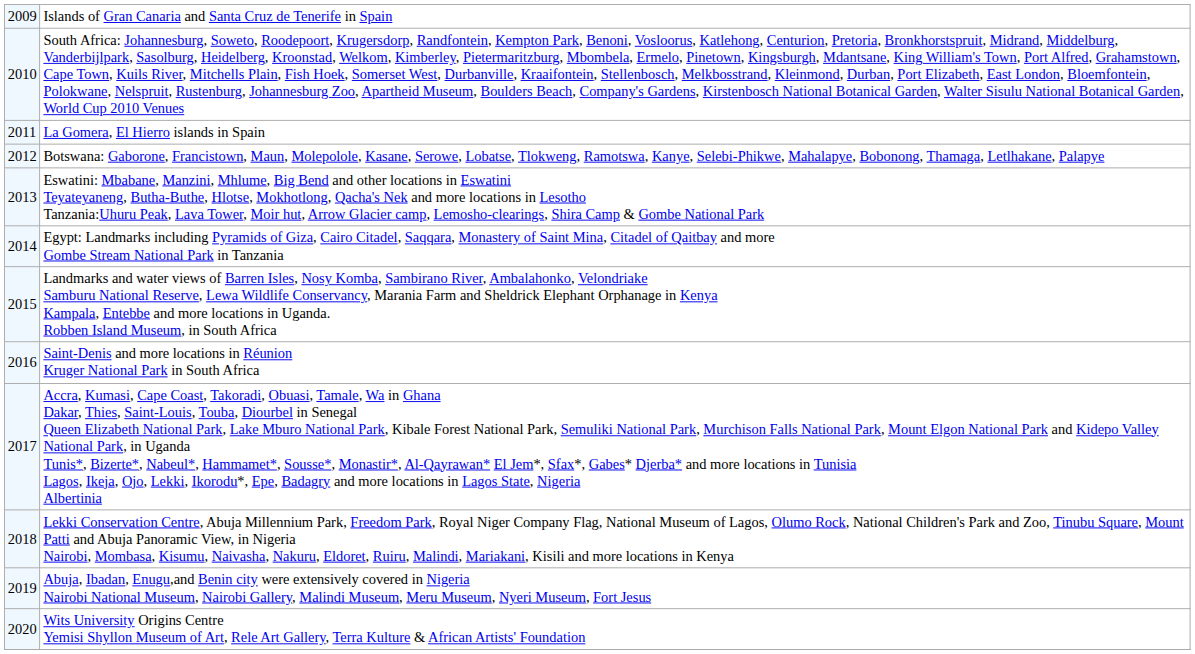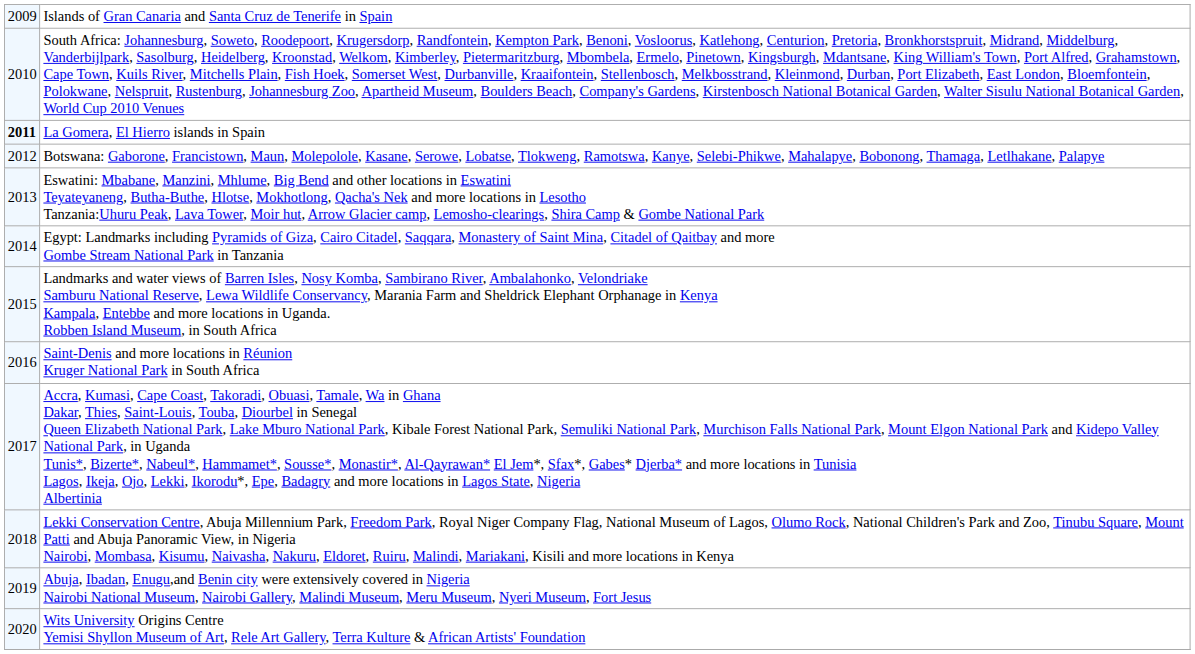 <table class="wikitable" style="font-size:95%">
 <tr>
 <td style="background:#f0f8ff;">2009</td>
 <td style="background:#fff;"> Islands of <a href='#'>Gran Canaria</a> and <a href='#'>Santa Cruz de Tenerife</a> in <a href='#'>Spain</a></td>
 </tr>
 <tr>
 <td style="background:#f0f8ff;">2010</td>
 <td style="background:#fff;"> South Africa: <a href='#'>Johannesburg</a>, <a href='#'>Soweto</a>, <a href='#'>Roodepoort</a>, <a href='#'>Krugersdorp</a>, <a href='#'>Randfontein</a>, <a href='#'>Kempton Park</a>, <a href='#'>Benoni</a>, <a href='#'>Vosloorus</a>, <a href='#'>Katlehong</a>, <a href='#'>Centurion</a>, <a href='#'>Pretoria</a>, <a href='#'>Bronkhorstspruit</a>, <a href='#'>Midrand</a>, <a href='#'>Middelburg</a>, <a href='#'>Vanderbijlpark</a>, <a href='#'>Sasolburg</a>, <a href='#'>Heidelberg</a>, <a href='#'>Kroonstad</a>, <a href='#'>Welkom</a>, <a href='#'>Kimberley</a>, <a href='#'>Pietermaritzburg</a>, <a href='#'>Mbombela</a>, <a href='#'>Ermelo</a>, <a href='#'>Pinetown</a>, <a href='#'>Kingsburgh</a>, <a href='#'>Mdantsane</a>, <a href='#'>King William's Town</a>, <a href='#'>Port Alfred</a>, <a href='#'>Grahamstown</a>, <a href='#'>Cape Town</a>, <a href='#'>Kuils River</a>, <a href='#'>Mitchells Plain</a>, <a href='#'>Fish Hoek</a>, <a href='#'>Somerset West</a>, <a href='#'>Durbanville</a>, <a href='#'>Kraaifontein</a>, <a href='#'>Stellenbosch</a>, <a href='#'>Melkbosstrand</a>, <a href='#'>Kleinmond</a>, <a href='#'>Durban</a>, <a href='#'>Port Elizabeth</a>, <a href='#'>East London</a>, <a href='#'>Bloemfontein</a>, <a href='#'>Polokwane</a>, <a href='#'>Nelspruit</a>, <a href='#'>Rustenburg</a>, <a href='#'>Johannesburg Zoo</a>, <a href='#'>Apartheid Museum</a>, <a href='#'>Boulders Beach</a>, <a href='#'>Company's Gardens</a>, <a href='#'>Kirstenbosch National Botanical Garden</a>, <a href='#'>Walter Sisulu National Botanical Garden</a>, <a href='#'>World Cup 2010 Venues</a></td>
 </tr>
 <tr>
-<td style="background:#f0f8ff;">2011</td>
+<td style="background:#f0f8ff;"><strong>2011</strong></td>
 <td style="background:#fff;"> <a href='#'>La Gomera</a>, <a href='#'>El Hierro</a> islands in Spain</td>
 </tr>
 <tr>
 <td style="background:#f0f8ff;">2012</td>
 <td style="background:#fff;"> Botswana: <a href='#'>Gaborone</a>, <a href='#'>Francistown</a>, <a href='#'>Maun</a>, <a href='#'>Molepolole</a>, <a href='#'>Kasane</a>, <a href='#'>Serowe</a>, <a href='#'>Lobatse</a>, <a href='#'>Tlokweng</a>, <a href='#'>Ramotswa</a>, <a href='#'>Kanye</a>, <a href='#'>Selebi-Phikwe</a>, <a href='#'>Mahalapye</a>, <a href='#'>Bobonong</a>, <a href='#'>Thamaga</a>, <a href='#'>Letlhakane</a>, <a href='#'>Palapye</a></td>
 </tr>
 <tr>
 <td style="background:#f0f8ff;">2013</td>
 <td style="background:#fff;"> Eswatini: <a href='#'>Mbabane</a>, <a href='#'>Manzini</a>, <a href='#'>Mhlume</a>, <a href='#'>Big Bend</a> and other locations in <a href='#'>Eswatini</a><br> <a href='#'>Teyateyaneng</a>, <a href='#'>Butha-Buthe</a>, <a href='#'>Hlotse</a>, <a href='#'>Mokhotlong</a>, <a href='#'>Qacha's Nek</a> and more locations in <a href='#'>Lesotho</a><br> Tanzania:<a href='#'>Uhuru Peak</a>, <a href='#'>Lava Tower</a>, <a href='#'>Moir hut</a>, <a href='#'>Arrow Glacier camp</a>, <a href='#'>Lemosho-clearings</a>, <a href='#'>Shira Camp</a> & <a href='#'>Gombe National Park</a></td>
 </tr>
 <tr>
 <td style="background:#f0f8ff;">2014</td>
 <td style="background:#fff;"> Egypt: Landmarks including <a href='#'>Pyramids of Giza</a>, <a href='#'>Cairo Citadel</a>, <a href='#'>Saqqara</a>, <a href='#'>Monastery of Saint Mina</a>, <a href='#'>Citadel of Qaitbay</a> and more<br> <a href='#'>Gombe Stream National Park</a> in Tanzania</td>
 </tr>
 <tr>
 <td style="background:#f0f8ff;">2015</td>
 <td style="background:#fff;"> Landmarks and water views of <a href='#'>Barren Isles</a>, <a href='#'>Nosy Komba</a>, <a href='#'>Sambirano River</a>, <a href='#'>Ambalahonko</a>, <a href='#'>Velondriake</a><br> <a href='#'>Samburu National Reserve</a>, <a href='#'>Lewa Wildlife Conservancy</a>, Marania Farm and Sheldrick Elephant Orphanage in <a href='#'>Kenya</a><br> <a href='#'>Kampala</a>, <a href='#'>Entebbe</a> and more locations in Uganda.<br> <a href='#'>Robben Island Museum</a>, in South Africa</td>
 </tr>
 <tr>
 <td style="background:#f0f8ff;">2016</td>
 <td style="background:#fff;"> <a href='#'>Saint-Denis</a> and more locations in <a href='#'>Réunion</a><br> <a href='#'>Kruger National Park</a> in South Africa</td>
 </tr>
 <tr>
 <td style="background:#f0f8ff;">2017</td>
 <td style="background:#fff;"> <a href='#'>Accra</a>, <a href='#'>Kumasi</a>, <a href='#'>Cape Coast</a>, <a href='#'>Takoradi</a>, <a href='#'>Obuasi</a>, <a href='#'>Tamale</a>, <a href='#'>Wa</a> in <a href='#'>Ghana</a><br> <a href='#'>Dakar</a>, <a href='#'>Thies</a>, <a href='#'>Saint-Louis</a>, <a href='#'>Touba</a>, <a href='#'>Diourbel</a> in Senegal<br> <a href='#'>Queen Elizabeth National Park</a>, <a href='#'>Lake Mburo National Park</a>, Kibale Forest National Park, <a href='#'>Semuliki National Park</a>, <a href='#'>Murchison Falls National Park</a>, <a href='#'>Mount Elgon National Park</a> and <a href='#'>Kidepo Valley National Park</a>, in Uganda<br> <a href='#'>Tunis*</a>, <a href='#'>Bizerte*</a>, <a href='#'>Nabeul*</a>, <a href='#'>Hammamet*</a>, <a href='#'>Sousse*</a>, <a href='#'>Monastir*</a>, <a href='#'>Al-Qayrawan*</a> <a href='#'>El Jem</a>*, <a href='#'>Sfax</a>*, <a href='#'>Gabes</a>* <a href='#'>Djerba*</a> and more locations in <a href='#'>Tunisia</a><br> <a href='#'>Lagos</a>, <a href='#'>Ikeja</a>, <a href='#'>Ojo</a>, <a href='#'>Lekki</a>, <a href='#'>Ikorodu</a>*, <a href='#'>Epe</a>, <a href='#'>Badagry</a> and more locations in <a href='#'>Lagos State</a>, <a href='#'>Nigeria</a><br> <a href='#'>Albertinia</a> </td>
 </tr>
 <tr>
 <td style="background:#f0f8ff;">2018</td>
 <td style="background:#fff;"> <a href='#'>Lekki Conservation Centre</a>, Abuja Millennium Park, <a href='#'>Freedom Park</a>, Royal Niger Company Flag, National Museum of Lagos, <a href='#'>Olumo Rock</a>, National Children's Park and Zoo, <a href='#'>Tinubu Square</a>, <a href='#'>Mount Patti</a> and Abuja Panoramic View, in Nigeria<br>  <a href='#'>Nairobi</a>, <a href='#'>Mombasa</a>, <a href='#'>Kisumu</a>, <a href='#'>Naivasha</a>, <a href='#'>Nakuru</a>, <a href='#'>Eldoret</a>, <a href='#'>Ruiru</a>, <a href='#'>Malindi</a>, <a href='#'>Mariakani</a>, Kisili and more locations in Kenya</td>
 </tr>
 <tr>
 <td style="background:#f0f8ff;">2019</td>
 <td style="background:#fff;"> <a href='#'>Abuja</a>, <a href='#'>Ibadan</a>, <a href='#'>Enugu</a>,and <a href='#'>Benin city</a> were extensively covered in <a href='#'>Nigeria</a><br> <a href='#'>Nairobi National Museum</a>, <a href='#'>Nairobi Gallery</a>, <a href='#'>Malindi Museum</a>, <a href='#'>Meru Museum</a>, <a href='#'>Nyeri Museum</a>, <a href='#'>Fort Jesus</a></td>
 </tr>
 <tr>
 <td style="background:#f0f8ff;">2020</td>
 <td style="background:#fff;"> <a href='#'>Wits University</a> Origins Centre<br> <a href='#'>Yemisi Shyllon Museum of Art</a>, <a href='#'>Rele Art Gallery</a>, <a href='#'>Terra Kulture</a> & <a href='#'>African Artists' Foundation</a></td>
 </tr>
 <tr>
 </tr>
 </table>
